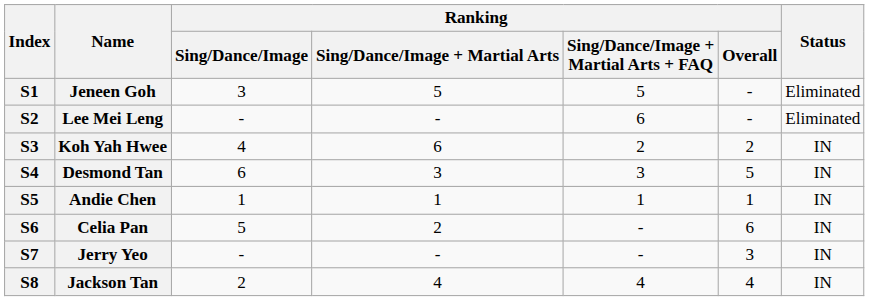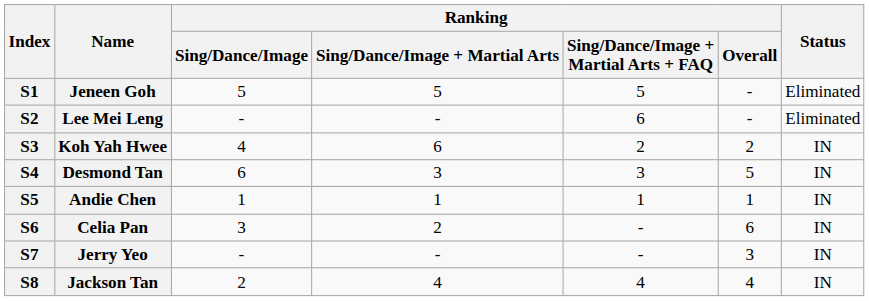 <table class="wikitable" style="text-align:center;">
 <tr>
 <th rowspan="2">Index</th>
 <th rowspan="2">Name</th>
 <th colspan=4>Ranking</th>
 <th rowspan="2">Status</th>
 </tr>
 <tr>
 <th>Sing/Dance/Image</th>
 <th>Sing/Dance/Image + Martial Arts</th>
 <th>Sing/Dance/Image + <br>Martial Arts + FAQ</th>
 <th>Overall</th>
 </tr>
 <tr>
 <th>S1</th>
 <th>Jeneen Goh</th>
-<td>3</td>
+<td>5</td>
 <td>5</td>
 <td>5</td>
 <td>-</td>
 <td>Eliminated</td>
 </tr>
 <tr>
 <th>S2</th>
 <th>Lee Mei Leng</th>
 <td>-</td>
 <td>-</td>
 <td>6</td>
 <td>-</td>
 <td>Eliminated</td>
 </tr>
 <tr>
 <th>S3</th>
 <th>Koh Yah Hwee</th>
 <td>4</td>
 <td>6</td>
 <td>2</td>
 <td>2</td>
 <td>IN</td>
 </tr>
 <tr>
 <th>S4</th>
 <th>Desmond Tan</th>
 <td>6</td>
 <td>3</td>
 <td>3</td>
 <td>5</td>
 <td>IN</td>
 </tr>
 <tr>
 <th>S5</th>
 <th>Andie Chen</th>
 <td>1</td>
 <td>1</td>
 <td>1</td>
 <td>1</td>
 <td>IN</td>
 </tr>
 <tr>
 <th>S6</th>
 <th>Celia Pan</th>
-<td>5</td>
+<td>3</td>
 <td>2</td>
 <td>-</td>
 <td>6</td>
 <td>IN</td>
 </tr>
 <tr>
 <th>S7</th>
 <th>Jerry Yeo</th>
 <td>-</td>
 <td>-</td>
 <td>-</td>
 <td>3</td>
 <td>IN</td>
 </tr>
 <tr>
 <th>S8</th>
 <th>Jackson Tan</th>
 <td>2</td>
 <td>4</td>
 <td>4</td>
 <td>4</td>
 <td>IN</td>
 </tr>
 </table>
